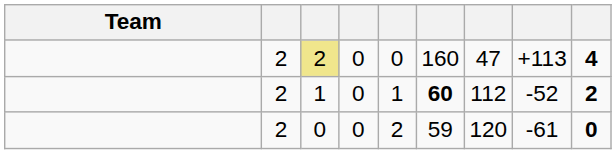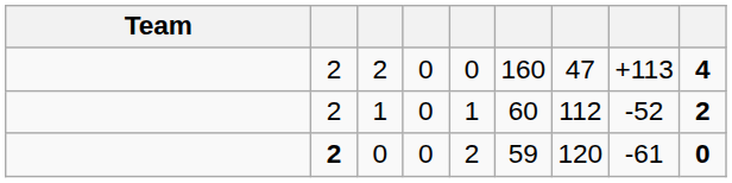 <table class=wikitable style="text-align:center">
 <tr>
 <th width=175>Team</th>
 <th width=20 abbr=Played></th>
 <th width=20 abbr=Won></th>
 <th width=20 abbr=Drawn></th>
 <th width=20 abbr=Lost></th>
 <th width=20 abbr=Goal For></th>
 <th width=20 abbr=Goal Against></th>
 <th width=20 abbr=Goal Difference></th>
 <th width=20 abbr=Points></th>
 </tr>
 <tr>
 <td align=left></td>
 <td>2</td>
-<td style="background: khaki;">2</td>
+<td>2</td>
 <td>0</td>
 <td>0</td>
 <td>160</td>
 <td>47</td>
 <td>+113</td>
 <td><strong>4</strong></td>
 </tr>
 <tr>
 <td align=left></td>
 <td>2</td>
 <td>1</td>
 <td>0</td>
 <td>1</td>
-<td><strong>60</strong></td>
+<td>60</td>
 <td>112</td>
 <td>-52</td>
 <td><strong>2</strong></td>
 </tr>
 <tr>
 <td align=left></td>
-<td>2</td>
+<td><strong>2</strong></td>
 <td>0</td>
 <td>0</td>
 <td>2</td>
 <td>59</td>
 <td>120</td>
 <td>-61</td>
 <td><strong>0</strong></td>
 </tr>
 </table>
